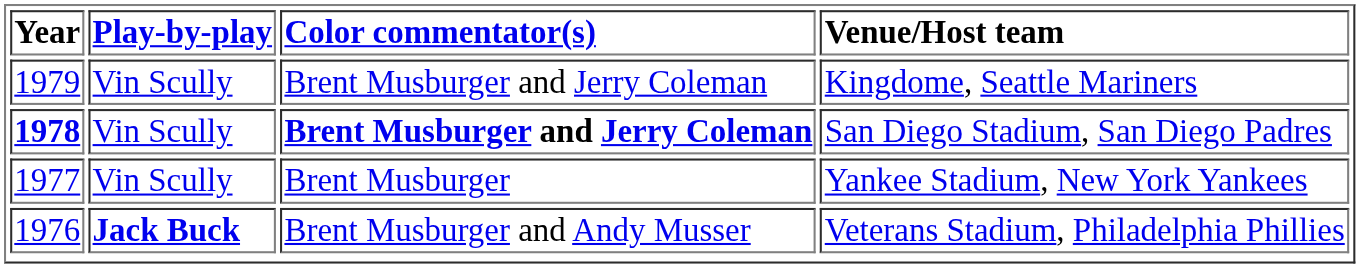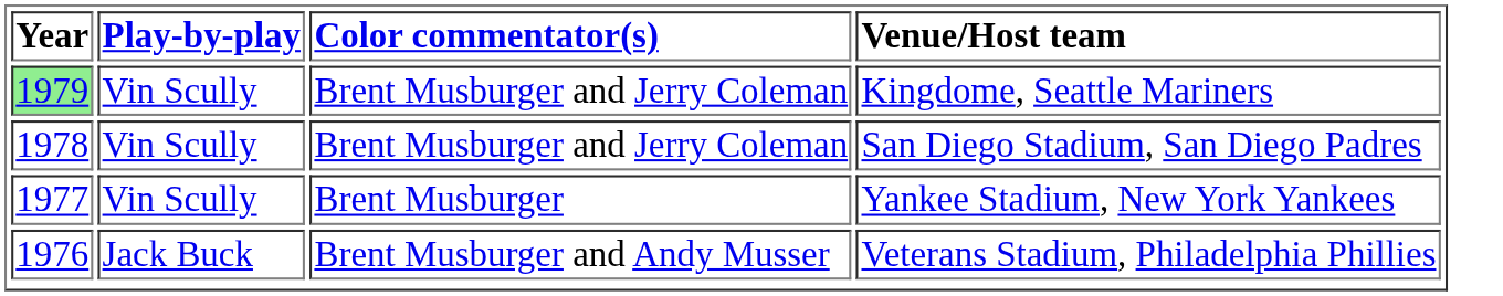 <table border="1" cellpadding="1">
 <tr>
 <td><strong>Year</strong></td>
 <td><strong><a href='#'>Play-by-play</a></strong></td>
 <td><strong><a href='#'>Color commentator(s)</a></strong></td>
 <td><strong>Venue/Host team</strong></td>
 </tr>
 <tr>
-<td><a href='#'>1979</a></td>
+<td style="background: lightgreen;"><a href='#'>1979</a></td>
 <td><a href='#'>Vin Scully</a></td>
 <td><a href='#'>Brent Musburger</a> and <a href='#'>Jerry Coleman</a></td>
 <td><a href='#'>Kingdome</a>, <a href='#'>Seattle Mariners</a></td>
 </tr>
 <tr>
-<td><strong><a href='#'>1978</a></strong></td>
+<td><a href='#'>1978</a></td>
 <td><a href='#'>Vin Scully</a></td>
-<td><strong><a href='#'>Brent Musburger</a> and <a href='#'>Jerry Coleman</a></strong></td>
+<td><a href='#'>Brent Musburger</a> and <a href='#'>Jerry Coleman</a></td>
 <td><a href='#'>San Diego Stadium</a>, <a href='#'>San Diego Padres</a></td>
 </tr>
 <tr>
 <td><a href='#'>1977</a></td>
 <td><a href='#'>Vin Scully</a></td>
 <td><a href='#'>Brent Musburger</a></td>
 <td><a href='#'>Yankee Stadium</a>, <a href='#'>New York Yankees</a></td>
 </tr>
 <tr>
 <td><a href='#'>1976</a></td>
-<td><strong><a href='#'>Jack Buck</a></strong></td>
+<td><a href='#'>Jack Buck</a></td>
 <td><a href='#'>Brent Musburger</a> and <a href='#'>Andy Musser</a></td>
 <td><a href='#'>Veterans Stadium</a>, <a href='#'>Philadelphia Phillies</a></td>
 </tr>
 <tr>
 </tr>
 </table>
